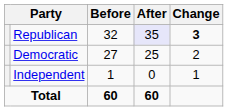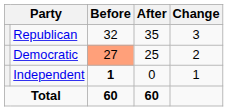 <table class="wikitable" style="text-align:center;">
 <tr>
 <th colspan="2">Party</th>
 <th>Before</th>
 <th>After</th>
 <th>Change</th>
 </tr>
 <tr>
 <th style="background-color:"></th>
 <td style="text-align:left;"><a href='#'>Republican</a></td>
 <td>32</td>
-<td style="background: lavender;">35</td>
-<td><strong> 3</strong></td>
+<td>35</td>
+<td> 3</td>
 </tr>
 <tr>
 <th style="background-color:"></th>
 <td style="text-align:left;"><a href='#'>Democratic</a></td>
-<td>27</td>
+<td style="background: lightsalmon;">27</td>
 <td>25</td>
 <td> 2</td>
 </tr>
 <tr>
 <th style="background-color:"></th>
 <td style="text-align:left;"><a href='#'>Independent</a></td>
-<td>1</td>
+<td><strong>1</strong></td>
 <td>0</td>
 <td> 1</td>
 </tr>
 <tr>
 <td colspan="2"><strong>Total</strong></td>
 <td><strong>60</strong></td>
 <td><strong>60</strong></td>
 <td></td>
 </tr>
 </table>
